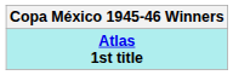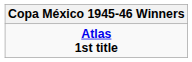 <table class="wikitable" style="text-align: center; margin: 0 auto;">
 <tr>
 <th>Copa México 1945-46 Winners</th>
 </tr>
 <tr>
-<td style="background: paleturquoise;"><strong><a href='#'>Atlas</a></strong><br><strong>1st title</strong></td>
+<td><strong><a href='#'>Atlas</a></strong><br><strong>1st title</strong></td>
 </tr>
 </table>
